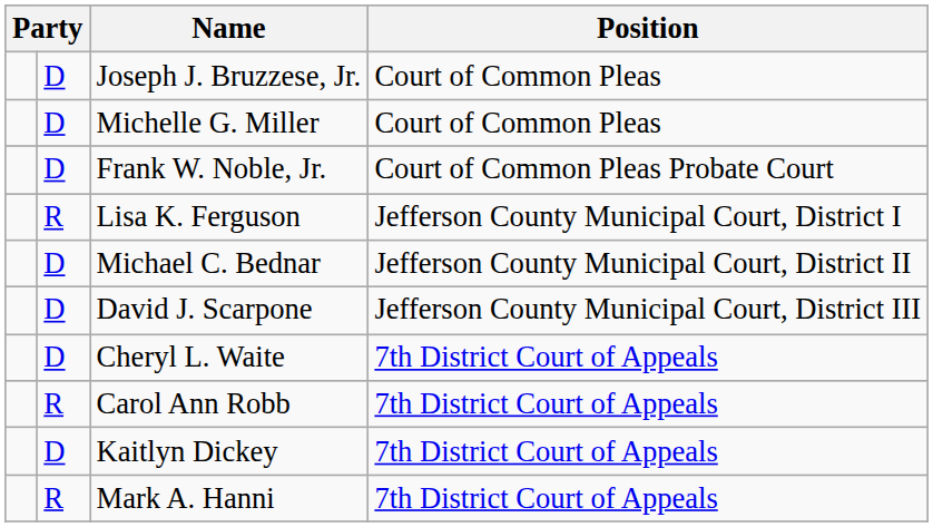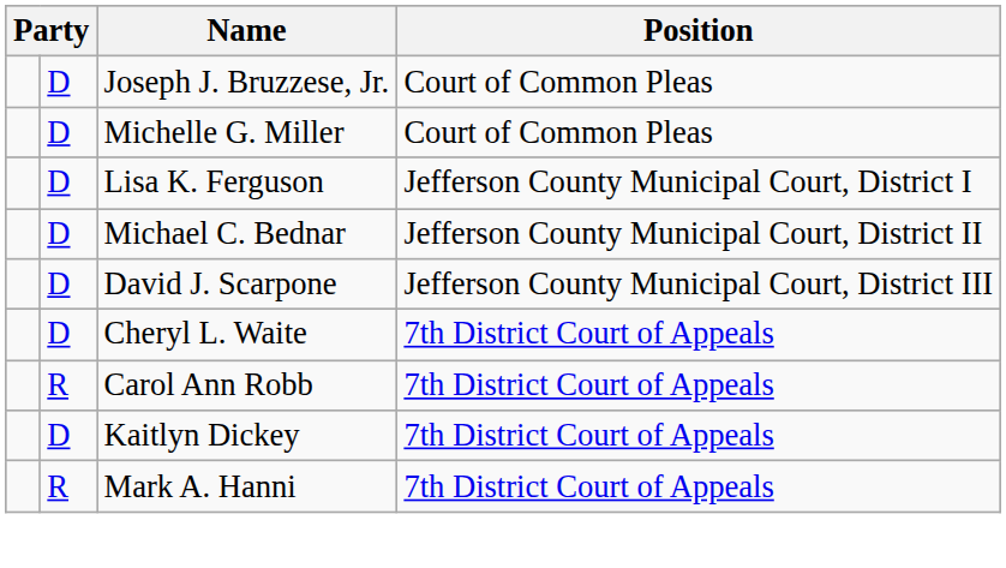 <table class=wikitable>
 <tr>
 <th colspan="2" style="text-align:center; vertical-align:bottom;">Party</th>
 <th style="text-align:center;">Name</th>
 <th valign=bottom>Position</th>
 </tr>
 <tr>
 <td style="background-color:"> </td>
 <td><a href='#'>D</a></td>
 <td>Joseph J. Bruzzese, Jr.</td>
 <td>Court of Common Pleas</td>
 </tr>
 <tr>
 <td style="background-color:"> </td>
 <td><a href='#'>D</a></td>
 <td>Michelle G. Miller</td>
 <td>Court of Common Pleas</td>
 </tr>
 <tr>
 <td style="background-color:"> </td>
 <td><a href='#'>D</a></td>
-<td>Frank W. Noble, Jr.</td>
-<td>Court of Common Pleas Probate Court</td>
-</tr>
-<tr>
-<td style="background-color:"> </td>
-<td><a href='#'>R</a></td>
 <td>Lisa K. Ferguson</td>
 <td>Jefferson County Municipal Court, District I</td>
 </tr>
 <tr>
 <td style="background-color:"> </td>
 <td><a href='#'>D</a></td>
 <td>Michael C. Bednar</td>
 <td>Jefferson County Municipal Court, District II</td>
 </tr>
 <tr>
 <td style="background-color:"> </td>
 <td><a href='#'>D</a></td>
 <td>David J. Scarpone</td>
 <td>Jefferson County Municipal Court, District III</td>
 </tr>
 <tr>
 <td style="background-color:"> </td>
 <td><a href='#'>D</a></td>
 <td>Cheryl L. Waite</td>
 <td><a href='#'>7th District Court of Appeals</a></td>
 </tr>
 <tr>
 <td style="background-color:"> </td>
 <td><a href='#'>R</a></td>
 <td>Carol Ann Robb</td>
 <td><a href='#'>7th District Court of Appeals</a></td>
 </tr>
 <tr>
 <td style="background-color:"> </td>
 <td><a href='#'>D</a></td>
 <td>Kaitlyn Dickey</td>
 <td><a href='#'>7th District Court of Appeals</a></td>
 </tr>
 <tr>
 <td style="background-color:"> </td>
 <td><a href='#'>R</a></td>
 <td>Mark A. Hanni</td>
 <td><a href='#'>7th District Court of Appeals</a></td>
 </tr>
 </table>
